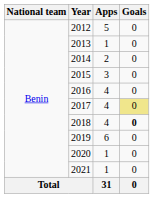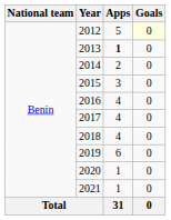 <table class="wikitable" style="text-align:center">
 <tr>
 <th>National team</th>
 <th>Year</th>
 <th>Apps</th>
 <th>Goals</th>
 </tr>
 <tr>
 <td rowspan="10"><a href='#'>Benin</a></td>
 <td>2012</td>
 <td>5</td>
-<td>0</td>
+<td style="background: lightyellow;">0</td>
 </tr>
 <tr>
 <td>2013</td>
-<td>1</td>
+<td><strong>1</strong></td>
 <td>0</td>
 </tr>
 <tr>
 <td>2014</td>
 <td>2</td>
 <td>0</td>
 </tr>
 <tr>
 <td>2015</td>
 <td>3</td>
 <td>0</td>
 </tr>
 <tr>
 <td>2016</td>
 <td>4</td>
 <td>0</td>
 </tr>
 <tr>
 <td>2017</td>
 <td>4</td>
-<td style="background: khaki;">0</td>
+<td>0</td>
 </tr>
 <tr>
 <td>2018</td>
 <td>4</td>
-<td><strong>0</strong></td>
+<td>0</td>
 </tr>
 <tr>
 <td>2019</td>
 <td>6</td>
 <td>0</td>
 </tr>
 <tr>
 <td>2020</td>
 <td>1</td>
 <td>0</td>
 </tr>
 <tr>
 <td>2021</td>
 <td>1</td>
 <td>0</td>
 </tr>
 <tr>
 <th colspan="2">Total</th>
 <th>31</th>
 <th>0</th>
 </tr>
 </table>
